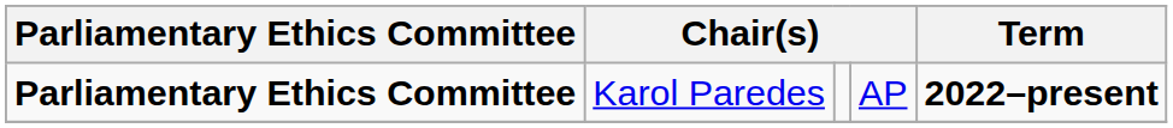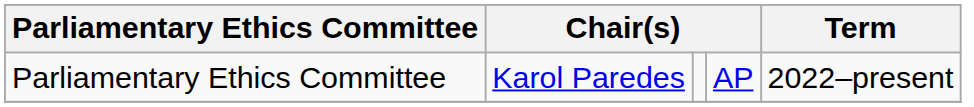 <table class="wikitable">
 <tr>
 <th>Parliamentary Ethics Committee</th>
 <th colspan="3">Chair(s)</th>
 <th>Term</th>
 </tr>
 <tr>
-<td><strong>Parliamentary Ethics Committee</strong></td>
+<td>Parliamentary Ethics Committee</td>
 <td><a href='#'>Karol Paredes</a></td>
 <td></td>
 <td><a href='#'>AP</a></td>
-<td><strong>2022–present</strong></td>
+<td>2022–present</td>
 </tr>
 <tr>
 </tr>
 </table>
